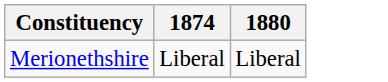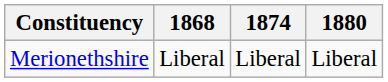 <table class="wikitable">
 <tr>
 <th>Constituency</th>
+<th>1868</th>
 <th>1874</th>
 <th>1880</th>
 </tr>
 <tr>
 <td><a href='#'>Merionethshire</a></td>
 <td>Liberal</td>
 <td>Liberal</td>
+<td>Liberal</td>
 </tr>
 </table>
